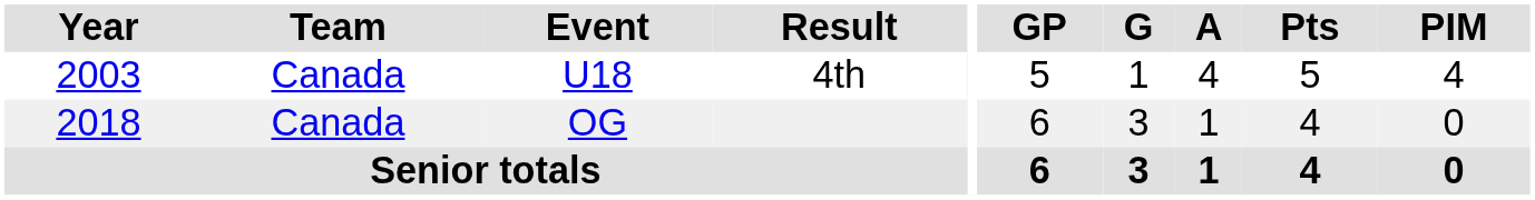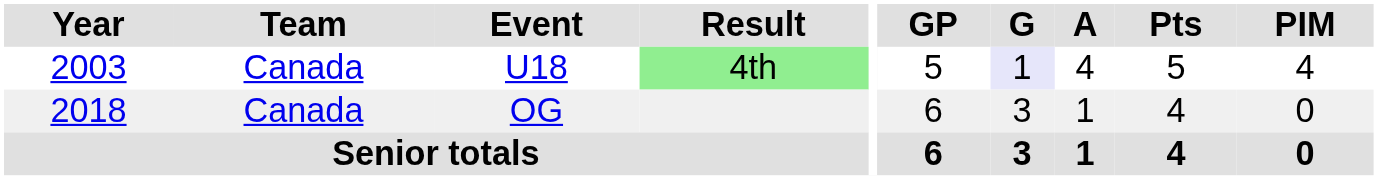 <table border="0" cellpadding="1" cellspacing="0" ID="Table3" style="text-align:center; width:40em">
 <tr ALIGN="center" bgcolor="#e0e0e0">
 <th>Year</th>
 <th>Team</th>
 <th>Event</th>
 <th>Result</th>
 <th rowspan="99" bgcolor="#ffffff"></th>
 <th>GP</th>
 <th>G</th>
 <th>A</th>
 <th>Pts</th>
 <th>PIM</th>
 </tr>
 <tr>
 <td><a href='#'>2003</a></td>
 <td><a href='#'>Canada</a></td>
 <td><a href='#'>U18</a></td>
-<td>4th</td>
+<td style="background: lightgreen;">4th</td>
 <td>5</td>
-<td>1</td>
+<td style="background: lavender;">1</td>
 <td>4</td>
 <td>5</td>
 <td>4</td>
 </tr>
 <tr bgcolor="#f0f0f0">
 <td><a href='#'>2018</a></td>
 <td><a href='#'>Canada</a></td>
 <td><a href='#'>OG</a></td>
 <td></td>
 <td>6</td>
 <td>3</td>
 <td>1</td>
 <td>4</td>
 <td>0</td>
 </tr>
 <tr bgcolor="#e0e0e0">
 <th colspan="4">Senior totals</th>
 <th>6</th>
 <th>3</th>
 <th>1</th>
 <th>4</th>
 <th>0</th>
 </tr>
 </table>
